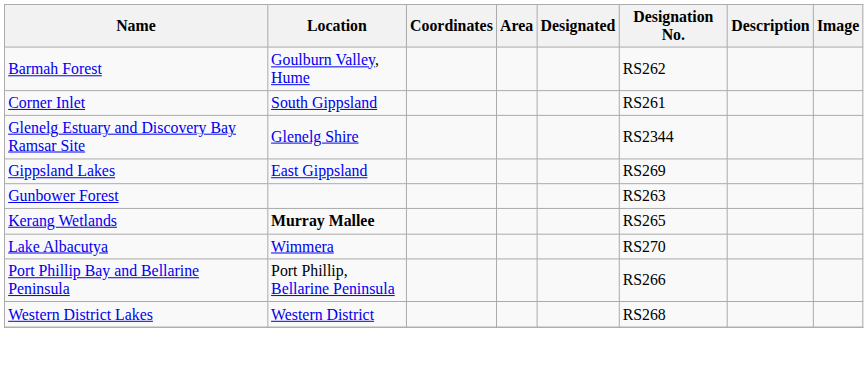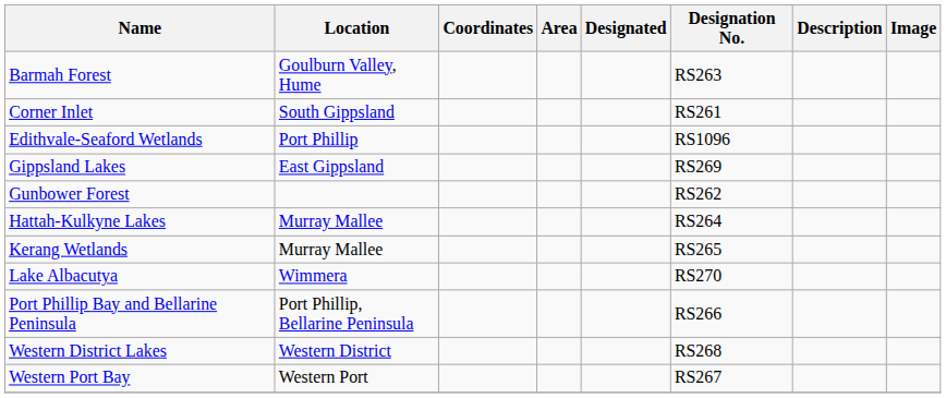 <table class="wikitable sortable">
 <tr>
 <th style="background-color:">Name</th>
 <th style="background-color:">Location</th>
 <th style="background-color:">Coordinates</th>
 <th style="background-color:">Area</th>
 <th style="background-color:">Designated</th>
 <th style="background-color:">Designation No.</th>
 <th style="background-color:">Description</th>
 <th style="background-color:">Image</th>
 </tr>
 <tr>
 <td><a href='#'>Barmah Forest</a></td>
 <td><a href='#'>Goulburn Valley</a>, <a href='#'>Hume</a></td>
 <td></td>
 <td></td>
 <td></td>
-<td>RS262</td>
+<td>RS263</td>
 <td></td>
 <td></td>
 </tr>
 <tr>
 <td><a href='#'>Corner Inlet</a></td>
 <td><a href='#'>South Gippsland</a></td>
 <td></td>
 <td></td>
 <td></td>
 <td>RS261</td>
 <td></td>
 <td></td>
 </tr>
 <tr>
-<td><a href='#'>Glenelg Estuary and Discovery Bay Ramsar Site</a></td>
-<td><a href='#'>Glenelg Shire</a></td>
+<td><a href='#'>Edithvale-Seaford Wetlands</a></td>
+<td><a href='#'>Port Phillip</a></td>
 <td></td>
 <td></td>
 <td></td>
-<td>RS2344</td>
+<td>RS1096</td>
 <td></td>
 <td></td>
 </tr>
 <tr>
 <td><a href='#'>Gippsland Lakes</a></td>
 <td><a href='#'>East Gippsland</a></td>
 <td></td>
 <td></td>
 <td></td>
 <td>RS269</td>
 <td></td>
 <td><br></td>
 </tr>
 <tr>
 <td><a href='#'>Gunbower Forest</a></td>
 <td></td>
 <td></td>
 <td></td>
 <td></td>
-<td>RS263</td>
+<td>RS262</td>
+<td></td>
+<td></td>
+</tr>
+<tr>
+<td><a href='#'>Hattah-Kulkyne Lakes</a></td>
+<td><a href='#'>Murray Mallee</a></td>
+<td></td>
+<td></td>
+<td></td>
+<td>RS264</td>
 <td></td>
 <td></td>
 </tr>
 <tr>
 <td><a href='#'>Kerang Wetlands</a></td>
-<td><strong>Murray Mallee</strong></td>
+<td>Murray Mallee</td>
 <td></td>
 <td></td>
 <td></td>
 <td>RS265</td>
 <td></td>
 <td></td>
 </tr>
 <tr>
 <td><a href='#'>Lake Albacutya</a></td>
 <td><a href='#'>Wimmera</a></td>
 <td></td>
 <td></td>
 <td></td>
 <td>RS270</td>
 <td></td>
 <td></td>
 </tr>
 <tr>
 <td><a href='#'>Port Phillip Bay and Bellarine Peninsula</a></td>
 <td>Port Phillip,<br><a href='#'>Bellarine Peninsula</a></td>
 <td></td>
 <td></td>
 <td></td>
 <td>RS266</td>
 <td></td>
 <td></td>
 </tr>
 <tr>
 <td><a href='#'>Western District Lakes</a></td>
 <td><a href='#'>Western District</a></td>
 <td></td>
 <td></td>
 <td></td>
 <td>RS268</td>
 <td></td>
 <td></td>
 </tr>
 <tr>
+<td><a href='#'>Western Port Bay</a></td>
+<td>Western Port</td>
+<td></td>
+<td></td>
+<td></td>
+<td>RS267</td>
+<td></td>
+<td></td>
+</tr>
+<tr>
 </tr>
 </table>
